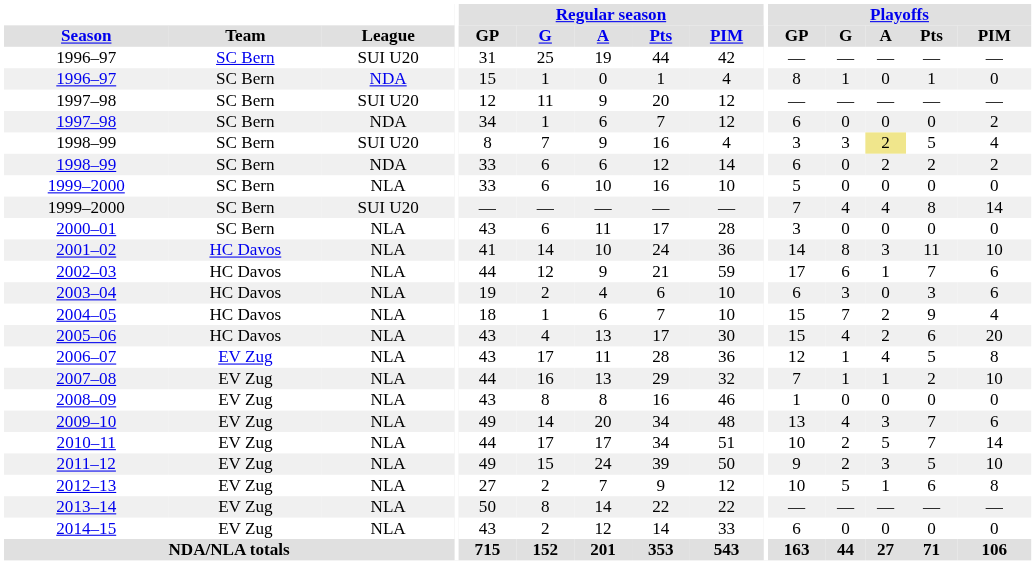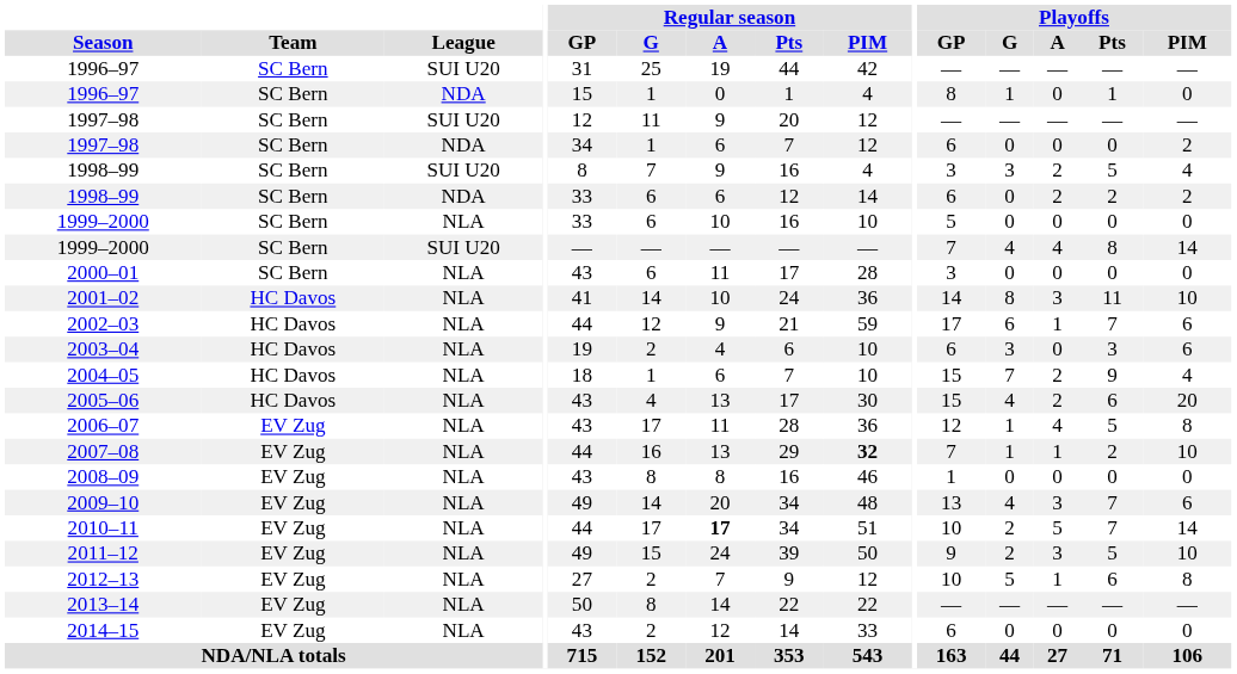 <table border="0" cellpadding="1" cellspacing="0" style="text-align:center; width:60em">
 <tr bgcolor="#e0e0e0">
 <th colspan="3" bgcolor="#ffffff"></th>
 <th rowspan="99" bgcolor="#ffffff"></th>
 <th colspan="5"><a href='#'>Regular season</a></th>
 <th rowspan="99" bgcolor="#ffffff"></th>
 <th colspan="5"><a href='#'>Playoffs</a></th>
 </tr>
 <tr bgcolor="#e0e0e0">
 <th><a href='#'>Season</a></th>
 <th>Team</th>
 <th>League</th>
 <th>GP</th>
 <th><a href='#'>G</a></th>
 <th><a href='#'>A</a></th>
 <th><a href='#'>Pts</a></th>
 <th><a href='#'>PIM</a></th>
 <th>GP</th>
 <th>G</th>
 <th>A</th>
 <th>Pts</th>
 <th>PIM</th>
 </tr>
 <tr>
 <td>1996–97</td>
 <td><a href='#'>SC Bern</a></td>
 <td>SUI U20</td>
 <td>31</td>
 <td>25</td>
 <td>19</td>
 <td>44</td>
 <td>42</td>
 <td>—</td>
 <td>—</td>
 <td>—</td>
 <td>—</td>
 <td>—</td>
 </tr>
 <tr bgcolor="#f0f0f0">
 <td><a href='#'>1996–97</a></td>
 <td>SC Bern</td>
 <td><a href='#'>NDA</a></td>
 <td>15</td>
 <td>1</td>
 <td>0</td>
 <td>1</td>
 <td>4</td>
 <td>8</td>
 <td>1</td>
 <td>0</td>
 <td>1</td>
 <td>0</td>
 </tr>
 <tr>
 <td>1997–98</td>
 <td>SC Bern</td>
 <td>SUI U20</td>
 <td>12</td>
 <td>11</td>
 <td>9</td>
 <td>20</td>
 <td>12</td>
 <td>—</td>
 <td>—</td>
 <td>—</td>
 <td>—</td>
 <td>—</td>
 </tr>
 <tr bgcolor="#f0f0f0">
 <td><a href='#'>1997–98</a></td>
 <td>SC Bern</td>
 <td>NDA</td>
 <td>34</td>
 <td>1</td>
 <td>6</td>
 <td>7</td>
 <td>12</td>
 <td>6</td>
 <td>0</td>
 <td>0</td>
 <td>0</td>
 <td>2</td>
 </tr>
 <tr>
 <td>1998–99</td>
 <td>SC Bern</td>
 <td>SUI U20</td>
 <td>8</td>
 <td>7</td>
 <td>9</td>
 <td>16</td>
 <td>4</td>
 <td>3</td>
 <td>3</td>
-<td style="background: khaki;">2</td>
+<td>2</td>
 <td>5</td>
 <td>4</td>
 </tr>
 <tr bgcolor="#f0f0f0">
 <td><a href='#'>1998–99</a></td>
 <td>SC Bern</td>
 <td>NDA</td>
 <td>33</td>
 <td>6</td>
 <td>6</td>
 <td>12</td>
 <td>14</td>
 <td>6</td>
 <td>0</td>
 <td>2</td>
 <td>2</td>
 <td>2</td>
 </tr>
 <tr>
 <td><a href='#'>1999–2000</a></td>
 <td>SC Bern</td>
 <td>NLA</td>
 <td>33</td>
 <td>6</td>
 <td>10</td>
 <td>16</td>
 <td>10</td>
 <td>5</td>
 <td>0</td>
 <td>0</td>
 <td>0</td>
 <td>0</td>
 </tr>
 <tr bgcolor="#f0f0f0">
 <td>1999–2000</td>
 <td>SC Bern</td>
 <td>SUI U20</td>
 <td>—</td>
 <td>—</td>
 <td>—</td>
 <td>—</td>
 <td>—</td>
 <td>7</td>
 <td>4</td>
 <td>4</td>
 <td>8</td>
 <td>14</td>
 </tr>
 <tr>
 <td><a href='#'>2000–01</a></td>
 <td>SC Bern</td>
 <td>NLA</td>
 <td>43</td>
 <td>6</td>
 <td>11</td>
 <td>17</td>
 <td>28</td>
 <td>3</td>
 <td>0</td>
 <td>0</td>
 <td>0</td>
 <td>0</td>
 </tr>
 <tr bgcolor="#f0f0f0">
 <td><a href='#'>2001–02</a></td>
 <td><a href='#'>HC Davos</a></td>
 <td>NLA</td>
 <td>41</td>
 <td>14</td>
 <td>10</td>
 <td>24</td>
 <td>36</td>
 <td>14</td>
 <td>8</td>
 <td>3</td>
 <td>11</td>
 <td>10</td>
 </tr>
 <tr>
 <td><a href='#'>2002–03</a></td>
 <td>HC Davos</td>
 <td>NLA</td>
 <td>44</td>
 <td>12</td>
 <td>9</td>
 <td>21</td>
 <td>59</td>
 <td>17</td>
 <td>6</td>
 <td>1</td>
 <td>7</td>
 <td>6</td>
 </tr>
 <tr bgcolor="#f0f0f0">
 <td><a href='#'>2003–04</a></td>
 <td>HC Davos</td>
 <td>NLA</td>
 <td>19</td>
 <td>2</td>
 <td>4</td>
 <td>6</td>
 <td>10</td>
 <td>6</td>
 <td>3</td>
 <td>0</td>
 <td>3</td>
 <td>6</td>
 </tr>
 <tr>
 <td><a href='#'>2004–05</a></td>
 <td>HC Davos</td>
 <td>NLA</td>
 <td>18</td>
 <td>1</td>
 <td>6</td>
 <td>7</td>
 <td>10</td>
 <td>15</td>
 <td>7</td>
 <td>2</td>
 <td>9</td>
 <td>4</td>
 </tr>
 <tr bgcolor="#f0f0f0">
 <td><a href='#'>2005–06</a></td>
 <td>HC Davos</td>
 <td>NLA</td>
 <td>43</td>
 <td>4</td>
 <td>13</td>
 <td>17</td>
 <td>30</td>
 <td>15</td>
 <td>4</td>
 <td>2</td>
 <td>6</td>
 <td>20</td>
 </tr>
 <tr>
 <td><a href='#'>2006–07</a></td>
 <td><a href='#'>EV Zug</a></td>
 <td>NLA</td>
 <td>43</td>
 <td>17</td>
 <td>11</td>
 <td>28</td>
 <td>36</td>
 <td>12</td>
 <td>1</td>
 <td>4</td>
 <td>5</td>
 <td>8</td>
 </tr>
 <tr bgcolor="#f0f0f0">
 <td><a href='#'>2007–08</a></td>
 <td>EV Zug</td>
 <td>NLA</td>
 <td>44</td>
 <td>16</td>
 <td>13</td>
 <td>29</td>
-<td>32</td>
+<td><strong>32</strong></td>
 <td>7</td>
 <td>1</td>
 <td>1</td>
 <td>2</td>
 <td>10</td>
 </tr>
 <tr>
 <td><a href='#'>2008–09</a></td>
 <td>EV Zug</td>
 <td>NLA</td>
 <td>43</td>
 <td>8</td>
 <td>8</td>
 <td>16</td>
 <td>46</td>
 <td>1</td>
 <td>0</td>
 <td>0</td>
 <td>0</td>
 <td>0</td>
 </tr>
 <tr bgcolor="#f0f0f0">
 <td><a href='#'>2009–10</a></td>
 <td>EV Zug</td>
 <td>NLA</td>
 <td>49</td>
 <td>14</td>
 <td>20</td>
 <td>34</td>
 <td>48</td>
 <td>13</td>
 <td>4</td>
 <td>3</td>
 <td>7</td>
 <td>6</td>
 </tr>
 <tr>
 <td><a href='#'>2010–11</a></td>
 <td>EV Zug</td>
 <td>NLA</td>
 <td>44</td>
 <td>17</td>
-<td>17</td>
+<td><strong>17</strong></td>
 <td>34</td>
 <td>51</td>
 <td>10</td>
 <td>2</td>
 <td>5</td>
 <td>7</td>
 <td>14</td>
 </tr>
 <tr bgcolor="#f0f0f0">
 <td><a href='#'>2011–12</a></td>
 <td>EV Zug</td>
 <td>NLA</td>
 <td>49</td>
 <td>15</td>
 <td>24</td>
 <td>39</td>
 <td>50</td>
 <td>9</td>
 <td>2</td>
 <td>3</td>
 <td>5</td>
 <td>10</td>
 </tr>
 <tr>
 <td><a href='#'>2012–13</a></td>
 <td>EV Zug</td>
 <td>NLA</td>
 <td>27</td>
 <td>2</td>
 <td>7</td>
 <td>9</td>
 <td>12</td>
 <td>10</td>
 <td>5</td>
 <td>1</td>
 <td>6</td>
 <td>8</td>
 </tr>
 <tr bgcolor="#f0f0f0">
 <td><a href='#'>2013–14</a></td>
 <td>EV Zug</td>
 <td>NLA</td>
 <td>50</td>
 <td>8</td>
 <td>14</td>
 <td>22</td>
 <td>22</td>
 <td>—</td>
 <td>—</td>
 <td>—</td>
 <td>—</td>
 <td>—</td>
 </tr>
 <tr>
 <td><a href='#'>2014–15</a></td>
 <td>EV Zug</td>
 <td>NLA</td>
 <td>43</td>
 <td>2</td>
 <td>12</td>
 <td>14</td>
 <td>33</td>
 <td>6</td>
 <td>0</td>
 <td>0</td>
 <td>0</td>
 <td>0</td>
 </tr>
 <tr bgcolor="#e0e0e0">
 <th colspan="3">NDA/NLA totals</th>
 <th>715</th>
 <th>152</th>
 <th>201</th>
 <th>353</th>
 <th>543</th>
 <th>163</th>
 <th>44</th>
 <th>27</th>
 <th>71</th>
 <th>106</th>
 </tr>
 </table>
